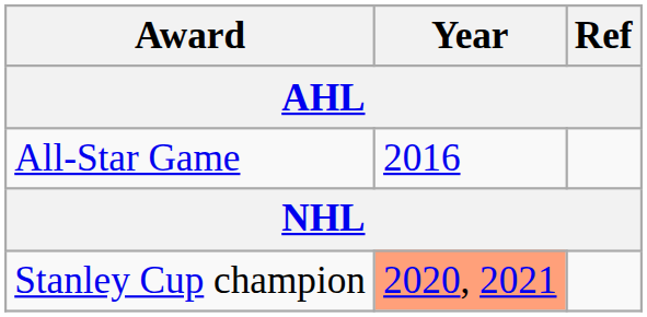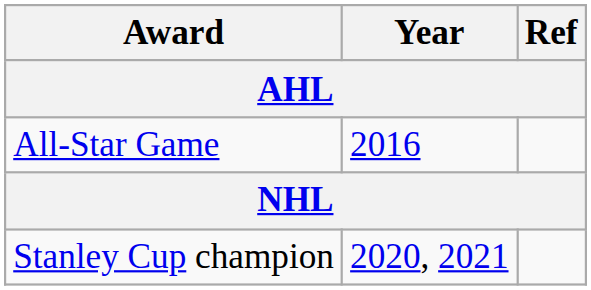 <table class="wikitable">
 <tr>
 <th>Award</th>
 <th>Year</th>
 <th>Ref</th>
 </tr>
 <tr>
 <th colspan="3"><a href='#'>AHL</a></th>
 </tr>
 <tr>
 <td><a href='#'>All-Star Game</a></td>
 <td><a href='#'>2016</a></td>
 <td></td>
 </tr>
 <tr>
 <th colspan="3"><a href='#'>NHL</a></th>
 </tr>
 <tr>
 <td><a href='#'>Stanley Cup</a> champion</td>
-<td style="background: lightsalmon;"><a href='#'>2020</a>, <a href='#'>2021</a></td>
+<td><a href='#'>2020</a>, <a href='#'>2021</a></td>
 <td></td>
 </tr>
 </table>
